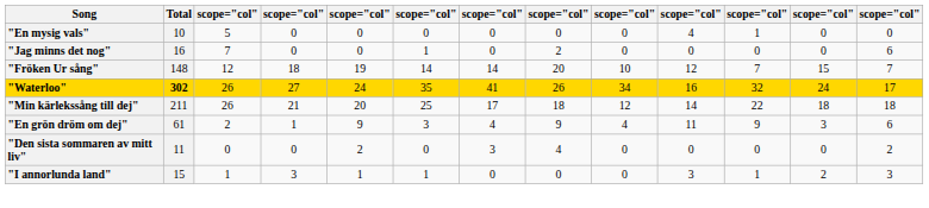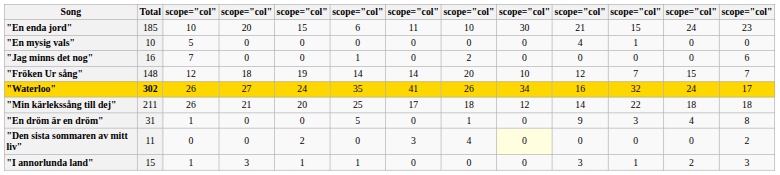 <table class="wikitable plainrowheaders" style="margin: 1em auto 1em auto; text-align:center;">
 <tr>
 <th scope="col">Song</th>
 <th scope="col">Total</th>
 <th>scope="col" </th>
 <th>scope="col" </th>
 <th>scope="col" </th>
 <th>scope="col" </th>
 <th>scope="col" </th>
 <th>scope="col" </th>
 <th>scope="col" </th>
 <th>scope="col" </th>
 <th>scope="col" </th>
 <th>scope="col" </th>
 <th>scope="col" </th>
+</tr>
+<tr --->
+<th scope="row" style="text-align:left; background:#f2f2f2;">"En enda jord"</th>
+<td style="background:#f2f2f2;">185</td>
+<td>10</td>
+<td>20</td>
+<td>15</td>
+<td>6</td>
+<td>11</td>
+<td>10</td>
+<td>30</td>
+<td>21</td>
+<td>15</td>
+<td>24</td>
+<td>23</td>
 </tr>
 <tr --->
 <th scope="row" style="text-align:left; background:#f2f2f2;">"En mysig vals"</th>
 <td style="background:#f2f2f2;">10</td>
 <td>5</td>
 <td>0</td>
 <td>0</td>
 <td>0</td>
 <td>0</td>
 <td>0</td>
 <td>0</td>
 <td>4</td>
 <td>1</td>
 <td>0</td>
 <td>0</td>
 </tr>
 <tr --->
 <th scope="row" style="text-align:left; background:#f2f2f2;">"Jag minns det nog"</th>
 <td style="background:#f2f2f2;">16</td>
 <td>7</td>
 <td>0</td>
 <td>0</td>
 <td>1</td>
 <td>0</td>
 <td>2</td>
 <td>0</td>
 <td>0</td>
 <td>0</td>
 <td>0</td>
 <td>6</td>
 </tr>
 <tr --->
 <th scope="row" style="text-align:left; background:#f2f2f2;">"Fröken Ur sång"</th>
 <td style="background:#f2f2f2;">148</td>
 <td>12</td>
 <td>18</td>
 <td>19</td>
 <td>14</td>
 <td>14</td>
 <td>20</td>
 <td>10</td>
 <td>12</td>
 <td>7</td>
 <td>15</td>
 <td>7</td>
 </tr>
 <tr style="background:gold;">
 <th scope="row" style="text-align:left; font-weight:bold; background:gold;">"Waterloo"</th>
 <td style="font-weight:bold;">302</td>
 <td>26</td>
 <td>27</td>
 <td>24</td>
 <td>35</td>
 <td>41</td>
 <td>26</td>
 <td>34</td>
 <td>16</td>
 <td>32</td>
 <td>24</td>
 <td>17</td>
 </tr>
 <tr --->
 <th scope="row" style="text-align:left; background:#f2f2f2;">"Min kärlekssång till dej"</th>
 <td style="background:#f2f2f2;">211</td>
 <td>26</td>
 <td>21</td>
 <td>20</td>
 <td>25</td>
 <td>17</td>
 <td>18</td>
 <td>12</td>
 <td>14</td>
 <td>22</td>
 <td>18</td>
 <td>18</td>
 </tr>
 <tr --->
-<th scope="row" style="text-align:left; background:#f2f2f2;">"En grön dröm om dej"</th>
-<td style="background:#f2f2f2;">61</td>
-<td>2</td>
+<th scope="row" style="text-align:left; background:#f2f2f2;">"En dröm är en dröm"</th>
+<td style="background:#f2f2f2;">31</td>
 <td>1</td>
+<td>0</td>
+<td>0</td>
+<td>5</td>
+<td>0</td>
+<td>1</td>
+<td>0</td>
 <td>9</td>
 <td>3</td>
 <td>4</td>
-<td>9</td>
-<td>4</td>
-<td>11</td>
-<td>9</td>
-<td>3</td>
-<td>6</td>
+<td>8</td>
 </tr>
 <tr --->
 <th scope="row" style="text-align:left; background:#f2f2f2;">"Den sista sommaren av mitt liv"</th>
 <td style="background:#f2f2f2;">11</td>
 <td>0</td>
 <td>0</td>
 <td>2</td>
 <td>0</td>
 <td>3</td>
 <td>4</td>
-<td>0</td>
+<td style="background: lightyellow;">0</td>
 <td>0</td>
 <td>0</td>
 <td>0</td>
 <td>2</td>
 </tr>
 <tr --->
 <th scope="row" style="text-align:left; background:#f2f2f2;">"I annorlunda land"</th>
 <td style="background:#f2f2f2;">15</td>
 <td>1</td>
 <td>3</td>
 <td>1</td>
 <td>1</td>
 <td>0</td>
 <td>0</td>
 <td>0</td>
 <td>3</td>
 <td>1</td>
 <td>2</td>
 <td>3</td>
 </tr>
 </table>
